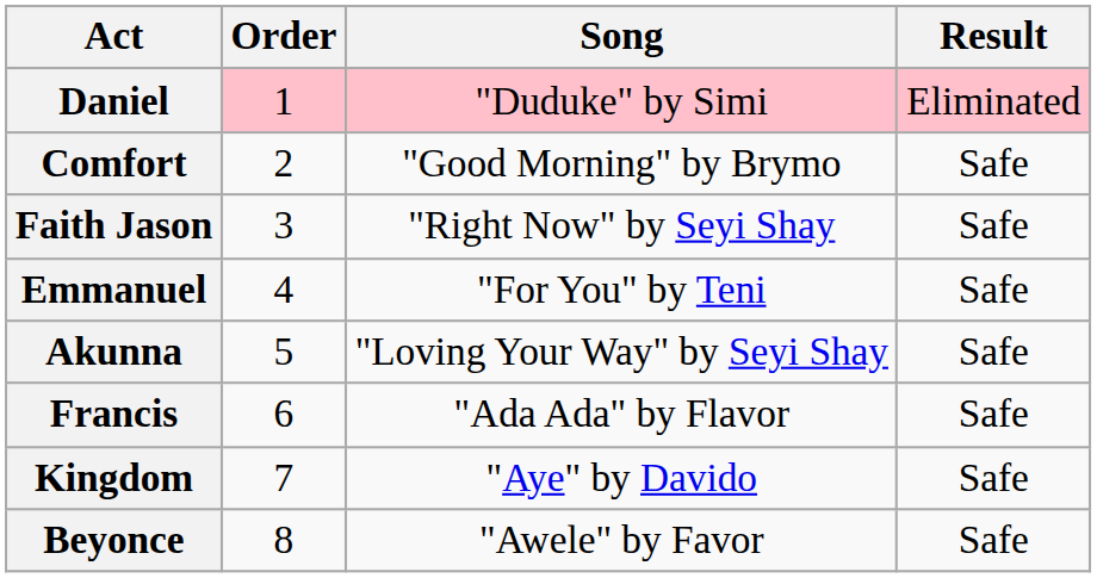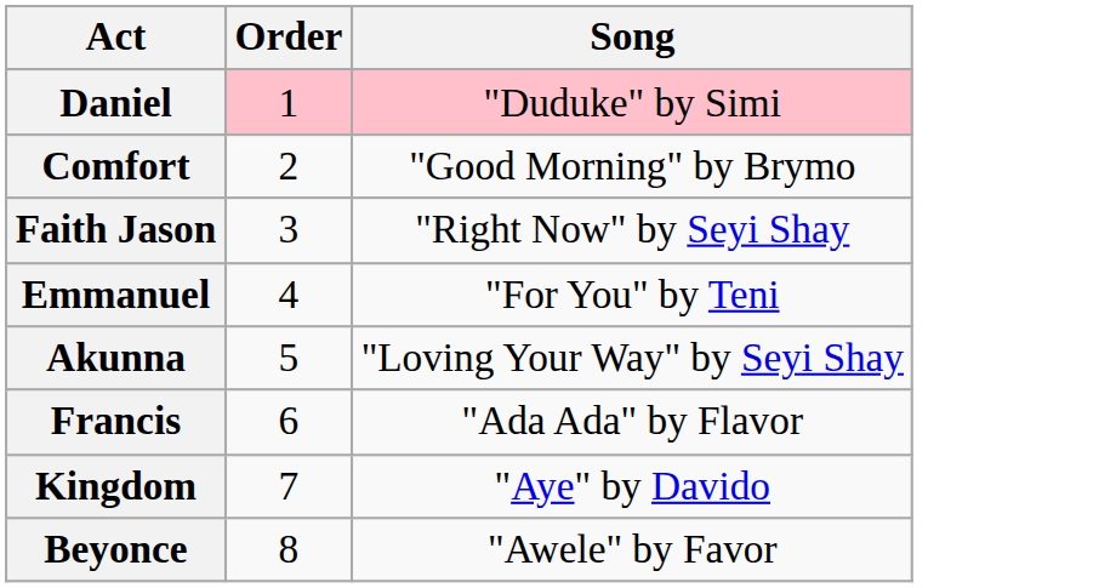 <table class="wikitable plainrowheaders" style="text-align:center;">
 <tr>
 <th scope"col">Act</th>
 <th scope"col">Order</th>
 <th scope"col">Song</th>
-<th scope"col">Result</th>
 </tr>
 <tr style="background: pink">
 <th scope=row>Daniel</th>
 <td>1</td>
 <td>"Duduke" by Simi</td>
-<td>Eliminated</td>
 </tr>
 <tr>
 <th scope=row>Comfort</th>
 <td>2</td>
 <td>"Good Morning" by Brymo</td>
-<td>Safe</td>
 </tr>
 <tr>
 <th scope=row>Faith Jason</th>
 <td>3</td>
 <td>"Right Now" by <a href='#'>Seyi Shay</a></td>
-<td>Safe</td>
 </tr>
 <tr>
 <th scope=row>Emmanuel</th>
 <td>4</td>
 <td>"For You" by <a href='#'>Teni</a></td>
-<td>Safe</td>
 </tr>
 <tr>
 <th scope=row>Akunna</th>
 <td>5</td>
 <td>"Loving Your Way" by <a href='#'>Seyi Shay</a></td>
-<td>Safe</td>
 </tr>
 <tr>
 <th scope=row>Francis</th>
 <td>6</td>
 <td>"Ada Ada" by Flavor</td>
-<td>Safe</td>
 </tr>
 <tr>
 <th scope=row>Kingdom</th>
 <td>7</td>
 <td>"<a href='#'>Aye</a>" by <a href='#'>Davido</a></td>
-<td>Safe</td>
 </tr>
 <tr>
 <th scope=row>Beyonce</th>
 <td>8</td>
 <td>"Awele" by Favor</td>
-<td>Safe</td>
 </tr>
 </table>
